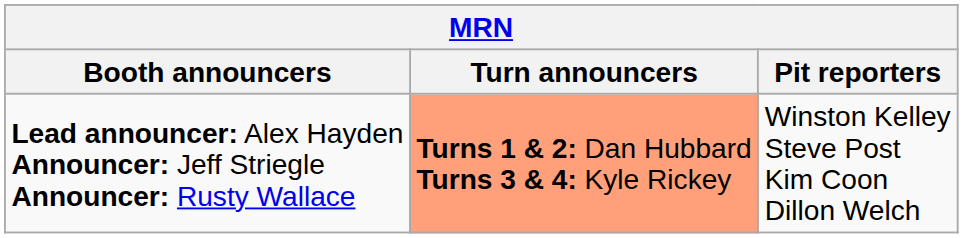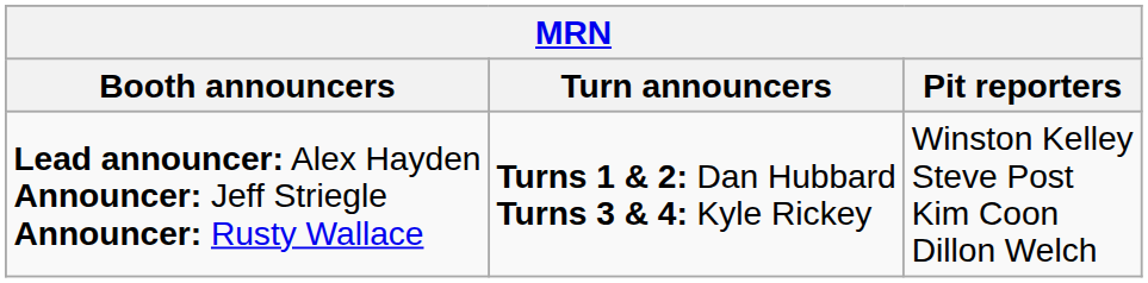 <table class="wikitable" style="font-size: 95%">
 <tr>
 <th colspan="3"><a href='#'>MRN</a></th>
 </tr>
 <tr>
 <th>Booth announcers</th>
 <th>Turn announcers</th>
 <th>Pit reporters</th>
 </tr>
 <tr>
 <td><strong>Lead announcer:</strong> Alex Hayden<br><strong>Announcer:</strong> Jeff Striegle<br><strong>Announcer:</strong> <a href='#'>Rusty Wallace</a></td>
-<td style="background: lightsalmon;"><strong>Turns 1 & 2:</strong> Dan Hubbard<br><strong>Turns 3 & 4:</strong> Kyle Rickey</td>
+<td><strong>Turns 1 & 2:</strong> Dan Hubbard<br><strong>Turns 3 & 4:</strong> Kyle Rickey</td>
 <td>Winston Kelley<br>Steve Post<br>Kim Coon<br>Dillon Welch</td>
 </tr>
 </table>
